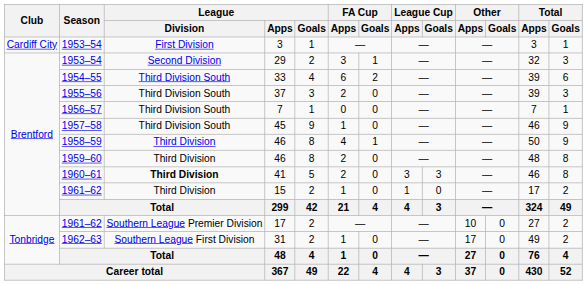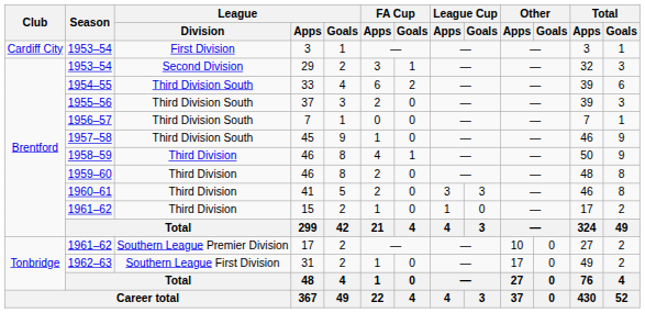 <table class="wikitable" style="text-align: center;">
 <tr>
 <th rowspan="2">Club</th>
 <th rowspan="2">Season</th>
 <th colspan="3">League</th>
 <th colspan="2">FA Cup</th>
 <th colspan="2">League Cup</th>
 <th colspan="2">Other</th>
 <th colspan="2">Total</th>
 </tr>
 <tr>
 <th>Division</th>
 <th>Apps</th>
 <th>Goals</th>
 <th>Apps</th>
 <th>Goals</th>
 <th>Apps</th>
 <th>Goals</th>
 <th>Apps</th>
 <th>Goals</th>
 <th>Apps</th>
 <th>Goals</th>
 </tr>
 <tr>
 <td><a href='#'>Cardiff City</a></td>
 <td><a href='#'>1953–54</a></td>
 <td><a href='#'>First Division</a></td>
 <td>3</td>
 <td>1</td>
 <td colspan="2">—</td>
 <td colspan="2">—</td>
 <td colspan="2">—</td>
 <td>3</td>
 <td>1</td>
 </tr>
 <tr>
 <td rowspan="10"><a href='#'>Brentford</a></td>
 <td><a href='#'>1953–54</a></td>
 <td><a href='#'>Second Division</a></td>
 <td>29</td>
 <td>2</td>
 <td>3</td>
 <td>1</td>
 <td colspan="2">—</td>
 <td colspan="2">—</td>
 <td>32</td>
 <td>3</td>
 </tr>
 <tr>
 <td><a href='#'>1954–55</a></td>
 <td><a href='#'>Third Division South</a></td>
 <td>33</td>
 <td>4</td>
 <td>6</td>
 <td>2</td>
 <td colspan="2">—</td>
 <td colspan="2">—</td>
 <td>39</td>
 <td>6</td>
 </tr>
 <tr>
 <td><a href='#'>1955–56</a></td>
 <td>Third Division South</td>
 <td>37</td>
 <td>3</td>
 <td>2</td>
 <td>0</td>
 <td colspan="2">—</td>
 <td colspan="2">—</td>
 <td>39</td>
 <td>3</td>
 </tr>
 <tr>
 <td><a href='#'>1956–57</a></td>
 <td>Third Division South</td>
 <td>7</td>
 <td>1</td>
 <td>0</td>
 <td>0</td>
 <td colspan="2">—</td>
 <td colspan="2">—</td>
 <td>7</td>
 <td>1</td>
 </tr>
 <tr>
 <td><a href='#'>1957–58</a></td>
 <td>Third Division South</td>
 <td>45</td>
 <td>9</td>
 <td>1</td>
 <td>0</td>
 <td colspan="2">—</td>
 <td colspan="2">—</td>
 <td>46</td>
 <td>9</td>
 </tr>
 <tr>
 <td><a href='#'>1958–59</a></td>
 <td><a href='#'>Third Division</a></td>
 <td>46</td>
 <td>8</td>
 <td>4</td>
 <td>1</td>
 <td colspan="2">—</td>
 <td colspan="2">—</td>
 <td>50</td>
 <td>9</td>
 </tr>
 <tr>
 <td><a href='#'>1959–60</a></td>
 <td>Third Division</td>
 <td>46</td>
 <td>8</td>
 <td>2</td>
 <td>0</td>
 <td colspan="2">—</td>
 <td colspan="2">—</td>
 <td>48</td>
 <td>8</td>
 </tr>
 <tr>
 <td><a href='#'>1960–61</a></td>
-<td><strong>Third Division</strong></td>
+<td>Third Division</td>
 <td>41</td>
 <td>5</td>
 <td>2</td>
 <td>0</td>
 <td>3</td>
 <td>3</td>
 <td colspan="2">—</td>
 <td>46</td>
 <td>8</td>
 </tr>
 <tr>
 <td><a href='#'>1961–62</a></td>
 <td>Third Division</td>
 <td>15</td>
 <td>2</td>
 <td>1</td>
 <td>0</td>
 <td>1</td>
 <td>0</td>
 <td colspan="2">—</td>
 <td>17</td>
 <td>2</td>
 </tr>
 <tr>
 <th colspan="2">Total</th>
 <th>299</th>
 <th>42</th>
 <th>21</th>
 <th>4</th>
 <th>4</th>
 <th>3</th>
 <th colspan="2">—</th>
 <th>324</th>
 <th>49</th>
 </tr>
 <tr>
 <td rowspan="3"><a href='#'>Tonbridge</a></td>
 <td><a href='#'>1961–62</a></td>
 <td><a href='#'>Southern League</a> Premier Division</td>
 <td>17</td>
 <td>2</td>
 <td colspan="2">—</td>
 <td colspan="2">—</td>
 <td>10</td>
 <td>0</td>
 <td>27</td>
 <td>2</td>
 </tr>
 <tr>
 <td><a href='#'>1962–63</a></td>
 <td><a href='#'>Southern League</a> First Division</td>
 <td>31</td>
 <td>2</td>
 <td>1</td>
 <td>0</td>
 <td colspan="2">—</td>
 <td>17</td>
 <td>0</td>
 <td>49</td>
 <td>2</td>
 </tr>
 <tr>
 <th colspan="2">Total</th>
 <th>48</th>
 <th>4</th>
 <th>1</th>
 <th>0</th>
 <th colspan="2">—</th>
 <th>27</th>
 <th>0</th>
 <th>76</th>
 <th>4</th>
 </tr>
 <tr>
 <th colspan="3">Career total</th>
 <th>367</th>
 <th>49</th>
 <th>22</th>
 <th>4</th>
 <th>4</th>
 <th>3</th>
 <th>37</th>
 <th>0</th>
 <th>430</th>
 <th>52</th>
 </tr>
 </table>
